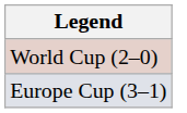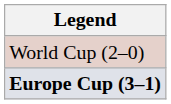 <table class="wikitable">
 <tr>
 <th>Legend</th>
 </tr>
 <tr style="background:#e5d1cb;">
 <td>World Cup (2–0)</td>
 </tr>
 <tr style="background:#dfe2e9;">
-<td>Europe Cup (3–1)</td>
+<td><strong>Europe Cup (3–1)</strong></td>
 </tr>
 </table>
